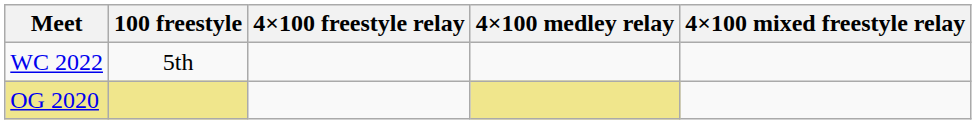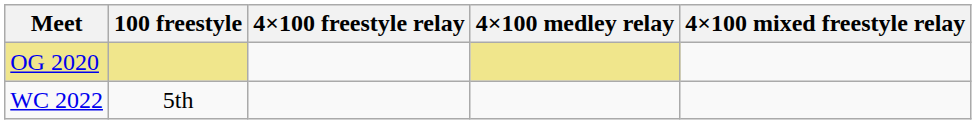 <table class="sortable wikitable">
 <tr>
 <th>Meet</th>
 <th class="unsortable">100 freestyle</th>
 <th class="unsortable">4×100 freestyle relay</th>
 <th class="unsortable">4×100 medley relay</th>
 <th class="unsortable">4×100 mixed freestyle relay</th>
 </tr>
 <tr>
+<td style="background:#f0e68c"><a href='#'>OG 2020</a></td>
+<td style="background:#f0e68c"></td>
+<td align="center"></td>
+<td style="background:#f0e68c"></td>
+<td></td>
+</tr>
+<tr>
 <td><a href='#'>WC 2022</a></td>
 <td align="center">5th</td>
 <td align="center"></td>
 <td align="center"></td>
 <td align="center"></td>
 </tr>
-<tr>
-<td style="background:#f0e68c"><a href='#'>OG 2020</a></td>
-<td style="background:#f0e68c"></td>
-<td align="center"></td>
-<td style="background:#f0e68c"></td>
-<td></td>
-</tr>
 </table>
